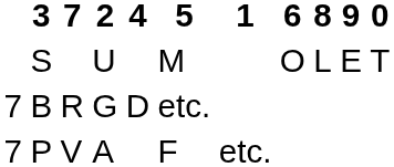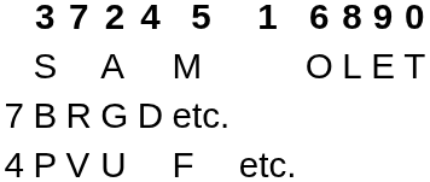 <table>
 <tr>
 <th></th>
 <th>3</th>
 <th>7</th>
 <th>2</th>
 <th>4</th>
 <th>5</th>
 <th>1</th>
 <th>6</th>
 <th>8</th>
 <th>9</th>
 <th>0</th>
 </tr>
 <tr>
 <td></td>
 <td>S</td>
 <td></td>
-<td>U</td>
+<td>A</td>
 <td></td>
 <td>M</td>
 <td></td>
 <td>O</td>
 <td>L</td>
 <td>E</td>
 <td>T</td>
 </tr>
 <tr>
 <td>7</td>
 <td>B</td>
 <td>R</td>
 <td>G</td>
 <td>D</td>
 <td>etc.</td>
 <td></td>
 <td></td>
 <td></td>
 <td></td>
 <td></td>
 </tr>
 <tr>
-<td>7</td>
+<td>4</td>
 <td>P</td>
 <td>V</td>
-<td>A</td>
+<td>U</td>
 <td></td>
 <td>F</td>
 <td>etc.</td>
 <td></td>
 <td></td>
 <td></td>
 <td></td>
 </tr>
 </table>
